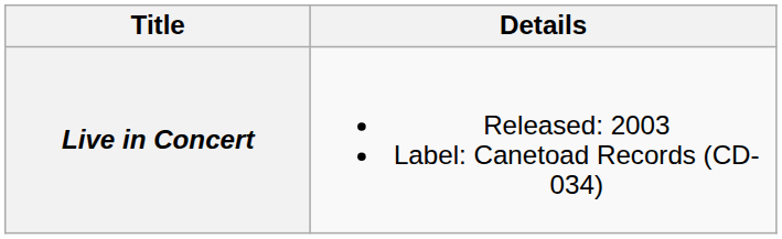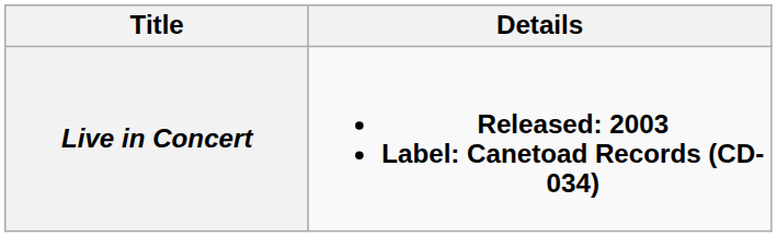 <table class="wikitable plainrowheaders" style="text-align:center;" border="1">
 <tr>
 <th scope="col" style="width:11em;">Title</th>
 <th scope="col" style="width:17em;">Details</th>
 </tr>
 <tr>
 <th scope="row"><em>Live in Concert</em></th>
-<td><br><ul><li>Released: 2003</li><li>Label: Canetoad Records (CD-034)</li></ul></td>
+<td><strong><br><ul><li>Released: 2003</li><li>Label: Canetoad Records (CD-034)</li></ul></strong></td>
 </tr>
 </table>
